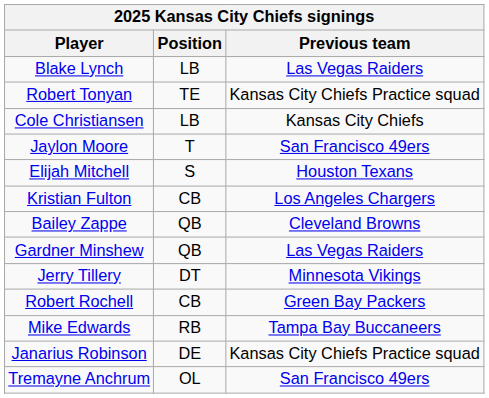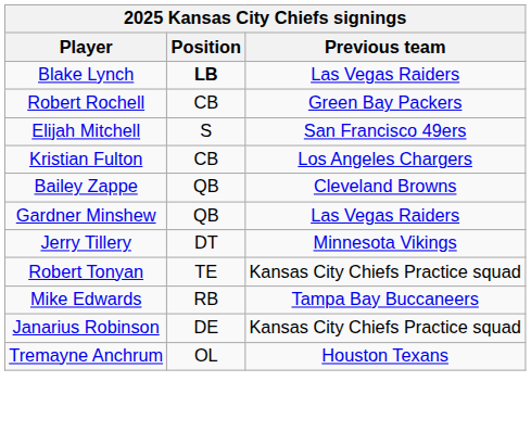 <table class="wikitable" style="text-align:center">
 <tr>
 <th colspan=3>2025 Kansas City Chiefs signings</th>
 </tr>
 <tr>
 <th>Player</th>
 <th>Position</th>
 <th>Previous team</th>
 </tr>
 <tr>
 <td><a href='#'>Blake Lynch</a></td>
-<td>LB</td>
+<td><strong>LB</strong></td>
 <td><a href='#'>Las Vegas Raiders</a></td>
 </tr>
 <tr>
-<td><a href='#'>Robert Tonyan</a></td>
-<td>TE</td>
-<td>Kansas City Chiefs Practice squad</td>
-</tr>
-<tr>
-<td><a href='#'>Cole Christiansen</a></td>
-<td>LB</td>
-<td>Kansas City Chiefs</td>
-</tr>
-<tr>
-<td><a href='#'>Jaylon Moore</a></td>
-<td>T</td>
-<td><a href='#'>San Francisco 49ers</a></td>
+<td><a href='#'>Robert Rochell</a></td>
+<td>CB</td>
+<td><a href='#'>Green Bay Packers</a></td>
 </tr>
 <tr>
 <td><a href='#'>Elijah Mitchell</a></td>
 <td>S</td>
-<td><a href='#'>Houston Texans</a></td>
+<td><a href='#'>San Francisco 49ers</a></td>
 </tr>
 <tr>
 <td><a href='#'>Kristian Fulton</a></td>
 <td>CB</td>
 <td><a href='#'>Los Angeles Chargers</a></td>
 </tr>
 <tr>
 <td><a href='#'>Bailey Zappe</a></td>
 <td>QB</td>
 <td><a href='#'>Cleveland Browns</a></td>
 </tr>
 <tr>
 <td><a href='#'>Gardner Minshew</a></td>
 <td>QB</td>
 <td><a href='#'>Las Vegas Raiders</a></td>
 </tr>
 <tr>
 <td><a href='#'>Jerry Tillery</a></td>
 <td>DT</td>
 <td><a href='#'>Minnesota Vikings</a></td>
 </tr>
 <tr>
-<td><a href='#'>Robert Rochell</a></td>
-<td>CB</td>
-<td><a href='#'>Green Bay Packers</a></td>
+<td><a href='#'>Robert Tonyan</a></td>
+<td>TE</td>
+<td>Kansas City Chiefs Practice squad</td>
 </tr>
 <tr>
 <td><a href='#'>Mike Edwards</a></td>
 <td>RB</td>
 <td><a href='#'>Tampa Bay Buccaneers</a></td>
 </tr>
 <tr>
 <td><a href='#'>Janarius Robinson</a></td>
 <td>DE</td>
 <td>Kansas City Chiefs Practice squad</td>
 </tr>
 <tr>
 <td><a href='#'>Tremayne Anchrum</a></td>
 <td>OL</td>
-<td><a href='#'>San Francisco 49ers</a></td>
+<td><a href='#'>Houston Texans</a></td>
 </tr>
 </table>
